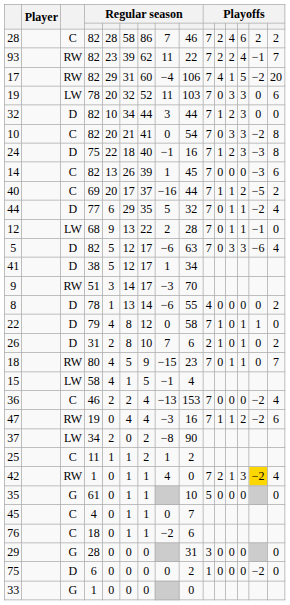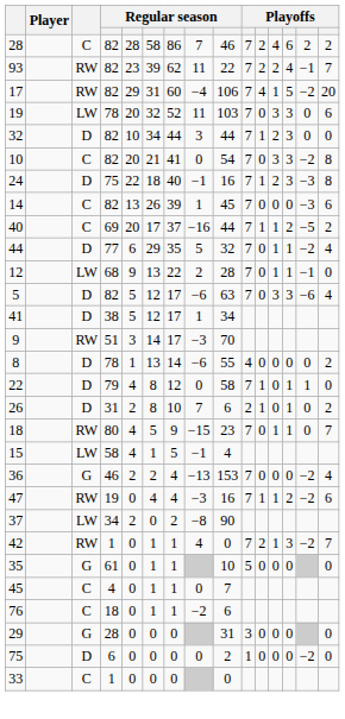 <table class="wikitable sortable plainrowheaders" style="text-align:center;">
 <tr>
 <th scope="col" data-sort-type="number" rowspan="2"></th>
 <th scope="col" rowspan="2">Player</th>
 <th scope="col" rowspan="2"></th>
 <th scope=colgroup colspan=6>Regular season</th>
 <th scope=colgroup colspan=6>Playoffs</th>
 </tr>
 <tr>
 <th scope="col" data-sort-type="number"></th>
 <th scope="col" data-sort-type="number"></th>
 <th scope="col" data-sort-type="number"></th>
 <th scope="col" data-sort-type="number"></th>
 <th scope="col" data-sort-type="number"></th>
 <th scope="col" data-sort-type="number"></th>
 <th scope="col" data-sort-type="number"></th>
 <th scope="col" data-sort-type="number"></th>
 <th scope="col" data-sort-type="number"></th>
 <th scope="col" data-sort-type="number"></th>
 <th scope="col" data-sort-type="number"></th>
 <th scope="col" data-sort-type="number"></th>
 </tr>
 <tr>
 <td scope="row">28</td>
 <td align="left"></td>
 <td>C</td>
 <td>82</td>
 <td>28</td>
 <td>58</td>
 <td>86</td>
 <td>7</td>
 <td>46</td>
 <td>7</td>
 <td>2</td>
 <td>4</td>
 <td>6</td>
 <td>2</td>
 <td>2</td>
 </tr>
 <tr>
 <td scope="row">93</td>
 <td align="left"></td>
 <td>RW</td>
 <td>82</td>
 <td>23</td>
 <td>39</td>
 <td>62</td>
 <td>11</td>
 <td>22</td>
 <td>7</td>
 <td>2</td>
 <td>2</td>
 <td>4</td>
 <td>−1</td>
 <td>7</td>
 </tr>
 <tr>
 <td scope="row">17</td>
 <td align="left"></td>
 <td>RW</td>
 <td>82</td>
 <td>29</td>
 <td>31</td>
 <td>60</td>
 <td>−4</td>
 <td>106</td>
 <td>7</td>
 <td>4</td>
 <td>1</td>
 <td>5</td>
 <td>−2</td>
 <td>20</td>
 </tr>
 <tr>
 <td scope="row">19</td>
 <td align="left"></td>
 <td>LW</td>
 <td>78</td>
 <td>20</td>
 <td>32</td>
 <td>52</td>
 <td>11</td>
 <td>103</td>
 <td>7</td>
 <td>0</td>
 <td>3</td>
 <td>3</td>
 <td>0</td>
 <td>6</td>
 </tr>
 <tr>
 <td scope="row">32</td>
 <td align="left"></td>
 <td>D</td>
 <td>82</td>
 <td>10</td>
 <td>34</td>
 <td>44</td>
 <td>3</td>
 <td>44</td>
 <td>7</td>
 <td>1</td>
 <td>2</td>
 <td>3</td>
 <td>0</td>
 <td>0</td>
 </tr>
 <tr>
 <td scope="row">10</td>
 <td align="left"></td>
 <td>C</td>
 <td>82</td>
 <td>20</td>
 <td>21</td>
 <td>41</td>
 <td>0</td>
 <td>54</td>
 <td>7</td>
 <td>0</td>
 <td>3</td>
 <td>3</td>
 <td>−2</td>
 <td>8</td>
 </tr>
 <tr>
 <td scope="row">24</td>
 <td align="left"></td>
 <td>D</td>
 <td>75</td>
 <td>22</td>
 <td>18</td>
 <td>40</td>
 <td>−1</td>
 <td>16</td>
 <td>7</td>
 <td>1</td>
 <td>2</td>
 <td>3</td>
 <td>−3</td>
 <td>8</td>
 </tr>
 <tr>
 <td scope="row">14</td>
 <td align="left"></td>
 <td>C</td>
 <td>82</td>
 <td>13</td>
 <td>26</td>
 <td>39</td>
 <td>1</td>
 <td>45</td>
 <td>7</td>
 <td>0</td>
 <td>0</td>
 <td>0</td>
 <td>−3</td>
 <td>6</td>
 </tr>
 <tr>
 <td scope="row">40</td>
 <td align="left"></td>
 <td>C</td>
 <td>69</td>
 <td>20</td>
 <td>17</td>
 <td>37</td>
 <td>−16</td>
 <td>44</td>
 <td>7</td>
 <td>1</td>
 <td>1</td>
 <td>2</td>
 <td>−5</td>
 <td>2</td>
 </tr>
 <tr>
 <td scope="row">44</td>
 <td align="left"></td>
 <td>D</td>
 <td>77</td>
 <td>6</td>
 <td>29</td>
 <td>35</td>
 <td>5</td>
 <td>32</td>
 <td>7</td>
 <td>0</td>
 <td>1</td>
 <td>1</td>
 <td>−2</td>
 <td>4</td>
 </tr>
 <tr>
 <td scope="row">12</td>
 <td align="left"></td>
 <td>LW</td>
 <td>68</td>
 <td>9</td>
 <td>13</td>
 <td>22</td>
 <td>2</td>
 <td>28</td>
 <td>7</td>
 <td>0</td>
 <td>1</td>
 <td>1</td>
 <td>−1</td>
 <td>0</td>
 </tr>
 <tr>
 <td scope="row">5</td>
 <td align="left"></td>
 <td>D</td>
 <td>82</td>
 <td>5</td>
 <td>12</td>
 <td>17</td>
 <td>−6</td>
 <td>63</td>
 <td>7</td>
 <td>0</td>
 <td>3</td>
 <td>3</td>
 <td>−6</td>
 <td>4</td>
 </tr>
 <tr>
 <td scope="row">41</td>
 <td align="left"></td>
 <td>D</td>
 <td>38</td>
 <td>5</td>
 <td>12</td>
 <td>17</td>
 <td>1</td>
 <td>34</td>
 <td></td>
 <td></td>
 <td></td>
 <td></td>
 <td></td>
 <td></td>
 </tr>
 <tr>
 <td scope="row">9</td>
 <td align="left"></td>
 <td>RW</td>
 <td>51</td>
 <td>3</td>
 <td>14</td>
 <td>17</td>
 <td>−3</td>
 <td>70</td>
 <td></td>
 <td></td>
 <td></td>
 <td></td>
 <td></td>
 <td></td>
 </tr>
 <tr>
 <td scope="row">8</td>
 <td align="left"></td>
 <td>D</td>
 <td>78</td>
 <td>1</td>
 <td>13</td>
 <td>14</td>
 <td>−6</td>
 <td>55</td>
 <td>4</td>
 <td>0</td>
 <td>0</td>
 <td>0</td>
 <td>0</td>
 <td>2</td>
 </tr>
 <tr>
 <td scope="row">22</td>
 <td align="left"></td>
 <td>D</td>
 <td>79</td>
 <td>4</td>
 <td>8</td>
 <td>12</td>
 <td>0</td>
 <td>58</td>
 <td>7</td>
 <td>1</td>
 <td>0</td>
 <td>1</td>
 <td>1</td>
 <td>0</td>
 </tr>
 <tr>
 <td scope="row">26</td>
 <td align="left"></td>
 <td>D</td>
 <td>31</td>
 <td>2</td>
 <td>8</td>
 <td>10</td>
 <td>7</td>
 <td>6</td>
 <td>2</td>
 <td>1</td>
 <td>0</td>
 <td>1</td>
 <td>0</td>
 <td>2</td>
 </tr>
 <tr>
 <td scope="row">18</td>
 <td align="left"></td>
 <td>RW</td>
 <td>80</td>
 <td>4</td>
 <td>5</td>
 <td>9</td>
 <td>−15</td>
 <td>23</td>
 <td>7</td>
 <td>0</td>
 <td>1</td>
 <td>1</td>
 <td>0</td>
 <td>7</td>
 </tr>
 <tr>
 <td scope="row">15</td>
 <td align="left"></td>
 <td>LW</td>
 <td>58</td>
 <td>4</td>
 <td>1</td>
 <td>5</td>
 <td>−1</td>
 <td>4</td>
 <td></td>
 <td></td>
 <td></td>
 <td></td>
 <td></td>
 <td></td>
 </tr>
 <tr>
 <td scope="row">36</td>
 <td align="left"></td>
-<td>C</td>
+<td>G</td>
 <td>46</td>
 <td>2</td>
 <td>2</td>
 <td>4</td>
 <td>−13</td>
 <td>153</td>
 <td>7</td>
 <td>0</td>
 <td>0</td>
 <td>0</td>
 <td>−2</td>
 <td>4</td>
 </tr>
 <tr>
 <td scope="row">47</td>
 <td align="left"></td>
 <td>RW</td>
 <td>19</td>
 <td>0</td>
 <td>4</td>
 <td>4</td>
 <td>−3</td>
 <td>16</td>
 <td>7</td>
 <td>1</td>
 <td>1</td>
 <td>2</td>
 <td>−2</td>
 <td>6</td>
 </tr>
 <tr>
 <td scope="row">37</td>
 <td align="left"></td>
 <td>LW</td>
 <td>34</td>
 <td>2</td>
 <td>0</td>
 <td>2</td>
 <td>−8</td>
 <td>90</td>
 <td></td>
 <td></td>
 <td></td>
 <td></td>
 <td></td>
 <td></td>
 </tr>
 <tr>
-<td scope="row">25</td>
-<td align="left"></td>
-<td>C</td>
-<td>11</td>
-<td>1</td>
-<td>1</td>
-<td>2</td>
-<td>1</td>
-<td>2</td>
-<td></td>
-<td></td>
-<td></td>
-<td></td>
-<td></td>
-<td></td>
-</tr>
-<tr>
 <td scope="row">42</td>
 <td align="left"></td>
 <td>RW</td>
 <td>1</td>
 <td>0</td>
 <td>1</td>
 <td>1</td>
 <td>4</td>
 <td>0</td>
 <td>7</td>
 <td>2</td>
 <td>1</td>
 <td>3</td>
-<td style="background: gold;">−2</td>
-<td>4</td>
+<td>−2</td>
+<td>7</td>
 </tr>
 <tr>
 <td scope="row">35</td>
 <td align="left"></td>
 <td>G</td>
 <td>61</td>
 <td>0</td>
 <td>1</td>
 <td>1</td>
 <td style="background:#ccc"></td>
 <td>10</td>
 <td>5</td>
 <td>0</td>
 <td>0</td>
 <td>0</td>
 <td style="background:#ccc"></td>
 <td>0</td>
 </tr>
 <tr>
 <td scope="row">45</td>
 <td align="left"></td>
 <td>C</td>
 <td>4</td>
 <td>0</td>
 <td>1</td>
 <td>1</td>
 <td>0</td>
 <td>7</td>
 <td></td>
 <td></td>
 <td></td>
 <td></td>
 <td></td>
 <td></td>
 </tr>
 <tr>
 <td scope="row">76</td>
 <td align="left"></td>
 <td>C</td>
 <td>18</td>
 <td>0</td>
 <td>1</td>
 <td>1</td>
 <td>−2</td>
 <td>6</td>
 <td></td>
 <td></td>
 <td></td>
 <td></td>
 <td></td>
 <td></td>
 </tr>
 <tr>
 <td scope="row">29</td>
 <td align="left"></td>
 <td>G</td>
 <td>28</td>
 <td>0</td>
 <td>0</td>
 <td>0</td>
 <td style="background:#ccc"></td>
 <td>31</td>
 <td>3</td>
 <td>0</td>
 <td>0</td>
 <td>0</td>
 <td style="background:#ccc"></td>
 <td>0</td>
 </tr>
 <tr>
 <td scope="row">75</td>
 <td align="left"></td>
 <td>D</td>
 <td>6</td>
 <td>0</td>
 <td>0</td>
 <td>0</td>
 <td>0</td>
 <td>2</td>
 <td>1</td>
 <td>0</td>
 <td>0</td>
 <td>0</td>
 <td>−2</td>
 <td>0</td>
 </tr>
 <tr>
 <td scope="row">33</td>
 <td align="left"></td>
-<td>G</td>
+<td>C</td>
 <td>1</td>
 <td>0</td>
 <td>0</td>
 <td>0</td>
 <td style="background:#ccc"></td>
 <td>0</td>
 <td></td>
 <td></td>
 <td></td>
 <td></td>
 <td></td>
 <td></td>
 </tr>
 </table>
